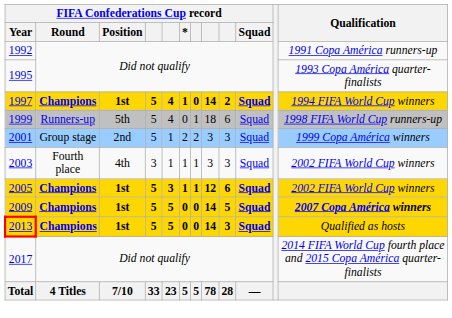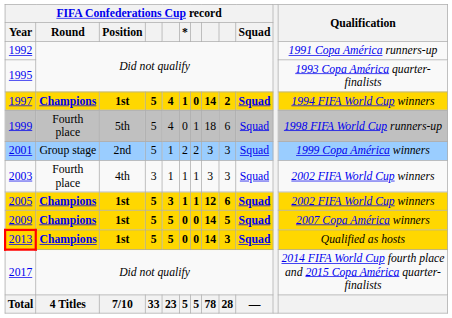 <table class="wikitable" style="text-align:center">
 <tr>
 <th colspan=10><a href='#'>FIFA Confederations Cup</a> record</th>
 <th width=1% rowspan=13></th>
 <th rowspan=2>Qualification</th>
 </tr>
 <tr>
 <th>Year</th>
 <th>Round</th>
 <th>Position</th>
 <th></th>
 <th></th>
 <th>*</th>
 <th></th>
 <th></th>
 <th></th>
 <th>Squad</th>
 </tr>
 <tr>
 <td> <a href='#'>1992</a></td>
 <td colspan=9 rowspan=2><em>Did not qualify</em></td>
 <td><em><a href='#'>1991 Copa América</a> runners-up</em></td>
 </tr>
 <tr>
 <td> <a href='#'>1995</a></td>
 <td><em><a href='#'>1993 Copa América</a> quarter-finalists</em></td>
 </tr>
 <tr style="background:gold">
 <td> <a href='#'>1997</a></td>
 <td><strong><a href='#'>Champions</a></strong></td>
 <td><strong>1st</strong></td>
 <td><strong>5</strong></td>
 <td><strong>4</strong></td>
 <td><strong>1</strong></td>
 <td><strong>0</strong></td>
 <td><strong>14</strong></td>
 <td><strong>2</strong></td>
 <td><strong><a href='#'>Squad</a></strong></td>
 <td><em><a href='#'>1994 FIFA World Cup</a> winners</em></td>
 </tr>
 <tr style="background:silver">
 <td> <a href='#'>1999</a></td>
-<td><a href='#'>Runners-up</a></td>
+<td>Fourth place</td>
 <td>5th</td>
 <td>5</td>
 <td>4</td>
 <td>0</td>
 <td>1</td>
 <td>18</td>
 <td>6</td>
 <td><a href='#'>Squad</a></td>
 <td><em><a href='#'>1998 FIFA World Cup</a> runners-up</em></td>
 </tr>
 <tr style="background:#9acdff">
 <td>  <a href='#'>2001</a></td>
 <td>Group stage</td>
 <td>2nd</td>
 <td>5</td>
 <td>1</td>
 <td>2</td>
 <td>2</td>
 <td>3</td>
 <td>3</td>
 <td><a href='#'>Squad</a></td>
 <td><em><a href='#'>1999 Copa América</a> winners</em></td>
 </tr>
 <tr>
 <td> <a href='#'>2003</a></td>
 <td>Fourth place</td>
 <td>4th</td>
 <td>3</td>
 <td>1</td>
 <td>1</td>
 <td>1</td>
 <td>3</td>
 <td>3</td>
 <td><a href='#'>Squad</a></td>
 <td><em><a href='#'>2002 FIFA World Cup</a> winners</em></td>
 </tr>
 <tr style="background:gold">
 <td> <a href='#'>2005</a></td>
 <td><strong><a href='#'>Champions</a></strong></td>
 <td><strong>1st</strong></td>
 <td><strong>5</strong></td>
 <td><strong>3</strong></td>
 <td><strong>1</strong></td>
 <td><strong>1</strong></td>
 <td><strong>12</strong></td>
 <td><strong>6</strong></td>
 <td><strong><a href='#'>Squad</a></strong></td>
 <td><em><a href='#'>2002 FIFA World Cup</a> winners</em></td>
 </tr>
 <tr style="background:gold">
 <td> <a href='#'>2009</a></td>
 <td><strong><a href='#'>Champions</a></strong></td>
 <td><strong>1st</strong></td>
 <td><strong>5</strong></td>
 <td><strong>5</strong></td>
 <td><strong>0</strong></td>
 <td><strong>0</strong></td>
 <td><strong>14</strong></td>
 <td><strong>5</strong></td>
 <td><strong><a href='#'>Squad</a></strong></td>
-<td><strong><em><a href='#'>2007 Copa América</a> winners</em></strong></td>
+<td><em><a href='#'>2007 Copa América</a> winners</em></td>
 </tr>
 <tr style="background:gold">
 <td style="border:3px solid red"> <a href='#'>2013</a></td>
 <td><strong><a href='#'>Champions</a></strong></td>
 <td><strong>1st</strong></td>
 <td><strong>5</strong></td>
 <td><strong>5</strong></td>
 <td><strong>0</strong></td>
 <td><strong>0</strong></td>
 <td><strong>14</strong></td>
 <td><strong>3</strong></td>
 <td><strong><a href='#'>Squad</a></strong></td>
 <td><em>Qualified as hosts</em></td>
 </tr>
 <tr>
 <td> <a href='#'>2017</a></td>
 <td colspan=9><em>Did not qualify</em></td>
 <td><em><a href='#'>2014 FIFA World Cup</a> fourth place and <a href='#'>2015 Copa América</a> quarter-finalists</em></td>
 </tr>
 <tr>
 <th>Total</th>
 <th>4 Titles</th>
 <th>7/10</th>
 <th>33</th>
 <th>23</th>
 <th>5</th>
 <th>5</th>
 <th>78</th>
 <th>28</th>
 <th>—</th>
 <th></th>
 </tr>
 </table>
